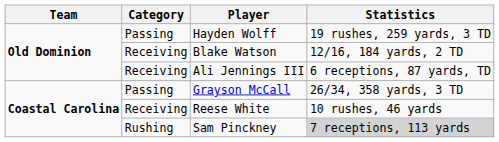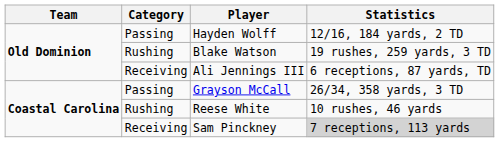 <table class="wikitable" style="float: right;">
 <tr>
 <th>Team</th>
 <th>Category</th>
 <th>Player</th>
 <th>Statistics</th>
 </tr>
 <tr>
 <td rowspan=3><strong>Old Dominion</strong></td>
 <td>Passing</td>
 <td>Hayden Wolff</td>
-<td>19 rushes, 259 yards, 3 TD</td>
+<td>12/16, 184 yards, 2 TD</td>
 </tr>
 <tr>
-<td>Receiving</td>
+<td>Rushing</td>
 <td>Blake Watson</td>
-<td>12/16, 184 yards, 2 TD</td>
+<td>19 rushes, 259 yards, 3 TD</td>
 </tr>
 <tr>
 <td>Receiving</td>
 <td>Ali Jennings III</td>
 <td>6 receptions, 87 yards, TD</td>
 </tr>
 <tr>
 <td rowspan=3><strong>Coastal Carolina</strong></td>
 <td>Passing</td>
 <td><a href='#'>Grayson McCall</a></td>
 <td>26/34, 358 yards, 3 TD</td>
 </tr>
 <tr>
-<td>Receiving</td>
+<td>Rushing</td>
 <td>Reese White</td>
 <td>10 rushes, 46 yards</td>
 </tr>
 <tr>
-<td>Rushing</td>
+<td>Receiving</td>
 <td>Sam Pinckney</td>
 <td style="background: lightgrey;">7 receptions, 113 yards</td>
 </tr>
 </table>
